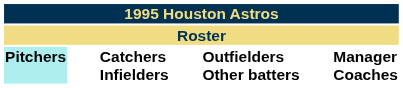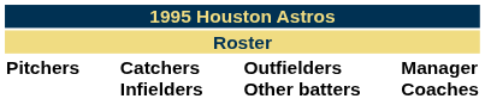 <table class="toccolours" style="font-size: 95%;">
 <tr>
 <th colspan="10" style="background:#003153; color:#F0DC82; text-align:center;">1995 Houston Astros</th>
 </tr>
 <tr>
 <td colspan="10" style="background:#F0DC82; color:#003153; text-align:center;"><strong>Roster</strong></td>
 </tr>
 <tr>
-<td valign="top" style="background: paleturquoise;"><strong>Pitchers</strong><br>                 </td>
+<td valign="top"><strong>Pitchers</strong><br>                 </td>
 <td style="width:25px;"></td>
 <td valign="top"><strong>Catchers</strong><br>      <strong>Infielders</strong>          </td>
 <td style="width:25px;"></td>
 <td valign="top"><strong>Outfielders</strong><br>         <strong>Other batters</strong> </td>
 <td style="width:25px;"></td>
 <td valign="top"><strong>Manager</strong><br> <strong>Coaches</strong>     </td>
 </tr>
 </table>
